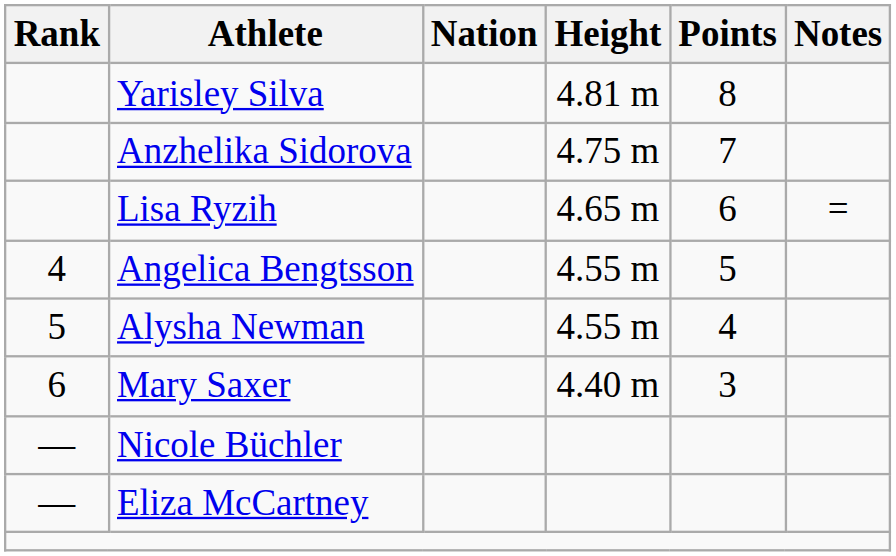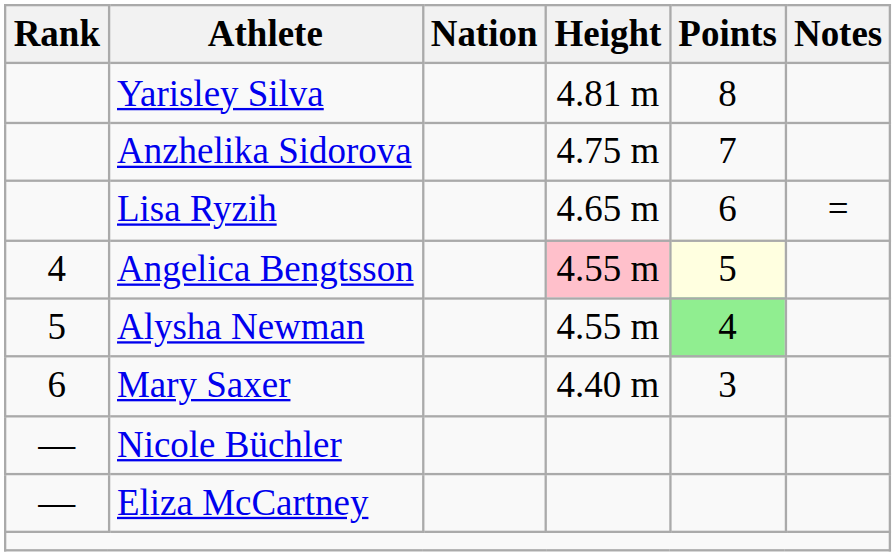 <table class="wikitable sortable" style="text-align:center;">
 <tr>
 <th scope="col" style="width: 10px;">Rank</th>
 <th scope="col">Athlete</th>
 <th scope="col">Nation</th>
 <th scope="col">Height</th>
 <th scope="col">Points</th>
 <th scope="col">Notes</th>
 </tr>
 <tr>
 <td></td>
 <td align="left"><a href='#'>Yarisley Silva</a></td>
 <td align="left"></td>
 <td>4.81 m</td>
 <td>8</td>
 <td></td>
 </tr>
 <tr>
 <td></td>
 <td align="left"><a href='#'>Anzhelika Sidorova</a></td>
 <td align="left"></td>
 <td>4.75 m</td>
 <td>7</td>
 <td></td>
 </tr>
 <tr>
 <td></td>
 <td align="left"><a href='#'>Lisa Ryzih</a></td>
 <td align="left"></td>
 <td>4.65 m</td>
 <td>6</td>
 <td>=</td>
 </tr>
 <tr>
 <td>4</td>
 <td align="left"><a href='#'>Angelica Bengtsson</a></td>
 <td align="left"></td>
-<td>4.55 m</td>
-<td>5</td>
+<td style="background: pink;">4.55 m</td>
+<td style="background: lightyellow;">5</td>
 <td></td>
 </tr>
 <tr>
 <td>5</td>
 <td align="left"><a href='#'>Alysha Newman</a></td>
 <td align="left"></td>
 <td>4.55 m</td>
-<td>4</td>
+<td style="background: lightgreen;">4</td>
 <td></td>
 </tr>
 <tr>
 <td>6</td>
 <td align="left"><a href='#'>Mary Saxer</a></td>
 <td align="left"></td>
 <td>4.40 m</td>
 <td>3</td>
 <td></td>
 </tr>
 <tr>
 <td>—</td>
 <td align="left"><a href='#'>Nicole Büchler</a></td>
 <td align="left"></td>
 <td></td>
 <td></td>
 <td></td>
 </tr>
 <tr>
 <td>—</td>
 <td align="left"><a href='#'>Eliza McCartney</a></td>
 <td align="left"></td>
 <td></td>
 <td></td>
 <td></td>
 </tr>
 <tr class="sortbottom">
 <td colspan="6"></td>
 </tr>
 </table>
